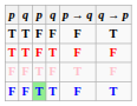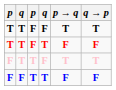 <table class="wikitable" align="center" border="1" cellpadding="8" cellspacing="0" style="font-weight:bold; text-align:center;">
 <tr>
 <th><em>p</em></th>
 <th><em>q</em></th>
 <th><em>p</em></th>
 <th><em>q</em></th>
 <th><em>p</em> → <em>q</em></th>
 <th><em>q</em> → <em>p</em></th>
 </tr>
 <tr>
 <td>T</td>
 <td>T</td>
 <td>F</td>
 <td>F</td>
-<td>F</td>
+<td>T</td>
 <td>T</td>
 </tr>
 <tr style="color:red">
 <td>T</td>
 <td>T</td>
 <td>F</td>
 <td>T</td>
 <td>F</td>
 <td>F</td>
 </tr>
 <tr style="color:pink">
 <td>F</td>
-<td>F</td>
+<td>T</td>
 <td>T</td>
 <td>F</td>
 <td>T</td>
-<td>F</td>
+<td>T</td>
 </tr>
 <tr style="color:blue">
 <td>F</td>
 <td>F</td>
-<td style="background: lightgreen;">T</td>
+<td>T</td>
 <td>T</td>
 <td>F</td>
-<td>T</td>
+<td>F</td>
 </tr>
 </table>
